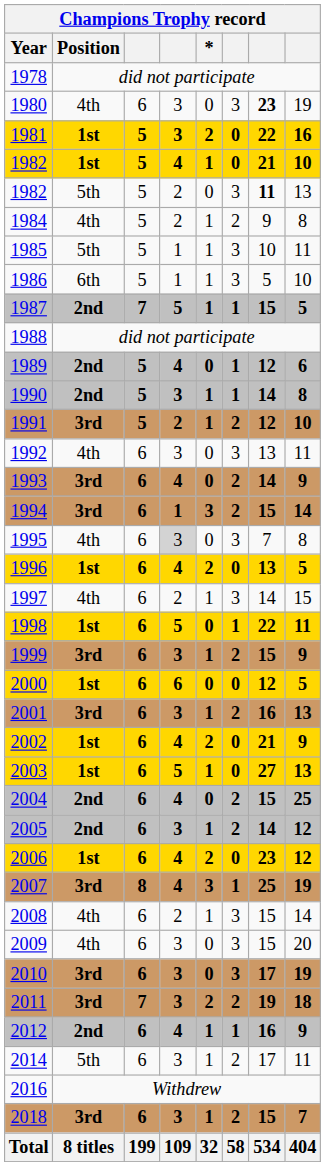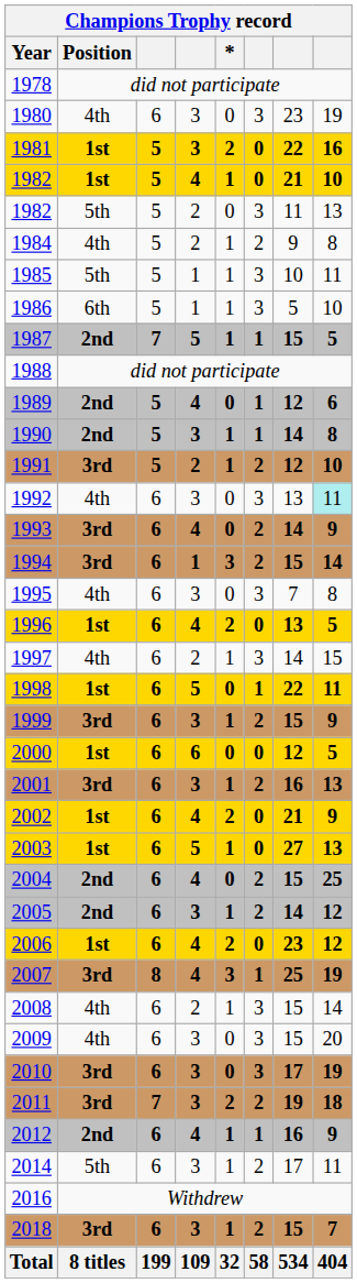 <table class="wikitable" style="text-align: center;">
 <tr>
 <th colspan=8><a href='#'>Champions Trophy</a> record</th>
 </tr>
 <tr>
 <th>Year</th>
 <th>Position</th>
 <th></th>
 <th></th>
 <th>*</th>
 <th></th>
 <th></th>
 <th></th>
 </tr>
 <tr>
 <td> <a href='#'>1978</a></td>
 <td colspan=7><em>did not participate</em></td>
 </tr>
 <tr>
 <td> <a href='#'>1980</a></td>
 <td>4th</td>
 <td>6</td>
 <td>3</td>
 <td>0</td>
 <td>3</td>
-<td><strong>23</strong></td>
+<td>23</td>
 <td>19</td>
 </tr>
 <tr bgcolor=gold>
 <td> <a href='#'>1981</a></td>
 <td><strong>1st</strong></td>
 <td><strong>5</strong></td>
 <td><strong>3</strong></td>
 <td><strong>2</strong></td>
 <td><strong>0</strong></td>
 <td><strong>22</strong></td>
 <td><strong>16</strong></td>
 </tr>
 <tr bgcolor=gold>
 <td> <a href='#'>1982</a></td>
 <td><strong>1st</strong></td>
 <td><strong>5</strong></td>
 <td><strong>4</strong></td>
 <td><strong>1</strong></td>
 <td><strong>0</strong></td>
 <td><strong>21</strong></td>
 <td><strong>10</strong></td>
 </tr>
 <tr>
 <td> <a href='#'>1982</a></td>
 <td>5th</td>
 <td>5</td>
 <td>2</td>
 <td>0</td>
 <td>3</td>
-<td><strong>11</strong></td>
+<td>11</td>
 <td>13</td>
 </tr>
 <tr>
 <td> <a href='#'>1984</a></td>
 <td>4th</td>
 <td>5</td>
 <td>2</td>
 <td>1</td>
 <td>2</td>
 <td>9</td>
 <td>8</td>
 </tr>
 <tr>
 <td> <a href='#'>1985</a></td>
 <td>5th</td>
 <td>5</td>
 <td>1</td>
 <td>1</td>
 <td>3</td>
 <td>10</td>
 <td>11</td>
 </tr>
 <tr>
 <td> <a href='#'>1986</a></td>
 <td>6th</td>
 <td>5</td>
 <td>1</td>
 <td>1</td>
 <td>3</td>
 <td>5</td>
 <td>10</td>
 </tr>
 <tr bgcolor=silver>
 <td> <a href='#'>1987</a></td>
 <td><strong>2nd</strong></td>
 <td><strong>7</strong></td>
 <td><strong>5</strong></td>
 <td><strong>1</strong></td>
 <td><strong>1</strong></td>
 <td><strong>15</strong></td>
 <td><strong>5</strong></td>
 </tr>
 <tr>
 <td> <a href='#'>1988</a></td>
 <td colspan=7><em>did not participate</em></td>
 </tr>
 <tr bgcolor=silver>
 <td> <a href='#'>1989</a></td>
 <td><strong>2nd</strong></td>
 <td><strong>5</strong></td>
 <td><strong>4</strong></td>
 <td><strong>0</strong></td>
 <td><strong>1</strong></td>
 <td><strong>12</strong></td>
 <td><strong>6</strong></td>
 </tr>
 <tr bgcolor=silver>
 <td> <a href='#'>1990</a></td>
 <td><strong>2nd</strong></td>
 <td><strong>5</strong></td>
 <td><strong>3</strong></td>
 <td><strong>1</strong></td>
 <td><strong>1</strong></td>
 <td><strong>14</strong></td>
 <td><strong>8</strong></td>
 </tr>
 <tr bgcolor=cc9966>
 <td> <a href='#'>1991</a></td>
 <td><strong>3rd</strong></td>
 <td><strong>5</strong></td>
 <td><strong>2</strong></td>
 <td><strong>1</strong></td>
 <td><strong>2</strong></td>
 <td><strong>12</strong></td>
 <td><strong>10</strong></td>
 </tr>
 <tr>
 <td> <a href='#'>1992</a></td>
 <td>4th</td>
 <td>6</td>
 <td>3</td>
 <td>0</td>
 <td>3</td>
 <td>13</td>
-<td>11</td>
+<td style="background: paleturquoise;">11</td>
 </tr>
 <tr bgcolor=cc9966>
 <td> <a href='#'>1993</a></td>
 <td><strong>3rd</strong></td>
 <td><strong>6</strong></td>
 <td><strong>4</strong></td>
 <td><strong>0</strong></td>
 <td><strong>2</strong></td>
 <td><strong>14</strong></td>
 <td><strong>9</strong></td>
 </tr>
 <tr bgcolor=cc9966>
 <td> <a href='#'>1994</a></td>
 <td><strong>3rd</strong></td>
 <td><strong>6</strong></td>
 <td><strong>1</strong></td>
 <td><strong>3</strong></td>
 <td><strong>2</strong></td>
 <td><strong>15</strong></td>
 <td><strong>14</strong></td>
 </tr>
 <tr>
 <td> <a href='#'>1995</a></td>
 <td>4th</td>
 <td>6</td>
-<td style="background: lightgrey;">3</td>
+<td>3</td>
 <td>0</td>
 <td>3</td>
 <td>7</td>
 <td>8</td>
 </tr>
 <tr bgcolor=gold>
 <td> <a href='#'>1996</a></td>
 <td><strong>1st</strong></td>
 <td><strong>6</strong></td>
 <td><strong>4</strong></td>
 <td><strong>2</strong></td>
 <td><strong>0</strong></td>
 <td><strong>13</strong></td>
 <td><strong>5</strong></td>
 </tr>
 <tr>
 <td> <a href='#'>1997</a></td>
 <td>4th</td>
 <td>6</td>
 <td>2</td>
 <td>1</td>
 <td>3</td>
 <td>14</td>
 <td>15</td>
 </tr>
 <tr bgcolor=gold>
 <td> <a href='#'>1998</a></td>
 <td><strong>1st</strong></td>
 <td><strong>6</strong></td>
 <td><strong>5</strong></td>
 <td><strong>0</strong></td>
 <td><strong>1</strong></td>
 <td><strong>22</strong></td>
 <td><strong>11</strong></td>
 </tr>
 <tr bgcolor=cc9966>
 <td> <a href='#'>1999</a></td>
 <td><strong>3rd</strong></td>
 <td><strong>6</strong></td>
 <td><strong>3</strong></td>
 <td><strong>1</strong></td>
 <td><strong>2</strong></td>
 <td><strong>15</strong></td>
 <td><strong>9</strong></td>
 </tr>
 <tr bgcolor=gold>
 <td> <a href='#'>2000</a></td>
 <td><strong>1st</strong></td>
 <td><strong>6</strong></td>
 <td><strong>6</strong></td>
 <td><strong>0</strong></td>
 <td><strong>0</strong></td>
 <td><strong>12</strong></td>
 <td><strong>5</strong></td>
 </tr>
 <tr bgcolor=cc9966>
 <td> <a href='#'>2001</a></td>
 <td><strong>3rd</strong></td>
 <td><strong>6</strong></td>
 <td><strong>3</strong></td>
 <td><strong>1</strong></td>
 <td><strong>2</strong></td>
 <td><strong>16</strong></td>
 <td><strong>13</strong></td>
 </tr>
 <tr bgcolor=gold>
 <td> <a href='#'>2002</a></td>
 <td><strong>1st</strong></td>
 <td><strong>6</strong></td>
 <td><strong>4</strong></td>
 <td><strong>2</strong></td>
 <td><strong>0</strong></td>
 <td><strong>21</strong></td>
 <td><strong>9</strong></td>
 </tr>
 <tr bgcolor=gold>
 <td> <a href='#'>2003</a></td>
 <td><strong>1st</strong></td>
 <td><strong>6</strong></td>
 <td><strong>5</strong></td>
 <td><strong>1</strong></td>
 <td><strong>0</strong></td>
 <td><strong>27</strong></td>
 <td><strong>13</strong></td>
 </tr>
 <tr bgcolor=silver>
 <td> <a href='#'>2004</a></td>
 <td><strong>2nd</strong></td>
 <td><strong>6</strong></td>
 <td><strong>4</strong></td>
 <td><strong>0</strong></td>
 <td><strong>2</strong></td>
 <td><strong>15</strong></td>
 <td><strong>25</strong></td>
 </tr>
 <tr bgcolor=silver>
 <td> <a href='#'>2005</a></td>
 <td><strong>2nd</strong></td>
 <td><strong>6</strong></td>
 <td><strong>3</strong></td>
 <td><strong>1</strong></td>
 <td><strong>2</strong></td>
 <td><strong>14</strong></td>
 <td><strong>12</strong></td>
 </tr>
 <tr bgcolor=gold>
 <td> <a href='#'>2006</a></td>
 <td><strong>1st</strong></td>
 <td><strong>6</strong></td>
 <td><strong>4</strong></td>
 <td><strong>2</strong></td>
 <td><strong>0</strong></td>
 <td><strong>23</strong></td>
 <td><strong>12</strong></td>
 </tr>
 <tr bgcolor=cc9966>
 <td> <a href='#'>2007</a></td>
 <td><strong>3rd</strong></td>
 <td><strong>8</strong></td>
 <td><strong>4</strong></td>
 <td><strong>3</strong></td>
 <td><strong>1</strong></td>
 <td><strong>25</strong></td>
 <td><strong>19</strong></td>
 </tr>
 <tr>
 <td> <a href='#'>2008</a></td>
 <td>4th</td>
 <td>6</td>
 <td>2</td>
 <td>1</td>
 <td>3</td>
 <td>15</td>
 <td>14</td>
 </tr>
 <tr>
 <td> <a href='#'>2009</a></td>
 <td>4th</td>
 <td>6</td>
 <td>3</td>
 <td>0</td>
 <td>3</td>
 <td>15</td>
 <td>20</td>
 </tr>
 <tr bgcolor=cc9966>
 <td> <a href='#'>2010</a></td>
 <td><strong>3rd</strong></td>
 <td><strong>6</strong></td>
 <td><strong>3</strong></td>
 <td><strong>0</strong></td>
 <td><strong>3</strong></td>
 <td><strong>17</strong></td>
 <td><strong>19</strong></td>
 </tr>
 <tr bgcolor=cc9966>
 <td> <a href='#'>2011</a></td>
 <td><strong>3rd</strong></td>
 <td><strong>7</strong></td>
 <td><strong>3</strong></td>
 <td><strong>2</strong></td>
 <td><strong>2</strong></td>
 <td><strong>19</strong></td>
 <td><strong>18</strong></td>
 </tr>
 <tr bgcolor=silver>
 <td> <a href='#'>2012</a></td>
 <td><strong>2nd</strong></td>
 <td><strong>6</strong></td>
 <td><strong>4</strong></td>
 <td><strong>1</strong></td>
 <td><strong>1</strong></td>
 <td><strong>16</strong></td>
 <td><strong>9</strong></td>
 </tr>
 <tr>
 <td> <a href='#'>2014</a></td>
 <td>5th</td>
 <td>6</td>
 <td>3</td>
 <td>1</td>
 <td>2</td>
 <td>17</td>
 <td>11</td>
 </tr>
 <tr>
 <td> <a href='#'>2016</a></td>
 <td colspan=7><em>Withdrew</em></td>
 </tr>
 <tr bgcolor=cc9966>
 <td> <a href='#'>2018</a></td>
 <td><strong>3rd</strong></td>
 <td><strong>6</strong></td>
 <td><strong>3</strong></td>
 <td><strong>1</strong></td>
 <td><strong>2</strong></td>
 <td><strong>15</strong></td>
 <td><strong>7</strong></td>
 </tr>
 <tr>
 <th>Total</th>
 <th>8 titles</th>
 <th>199</th>
 <th>109</th>
 <th>32</th>
 <th>58</th>
 <th>534</th>
 <th>404</th>
 </tr>
 </table>
